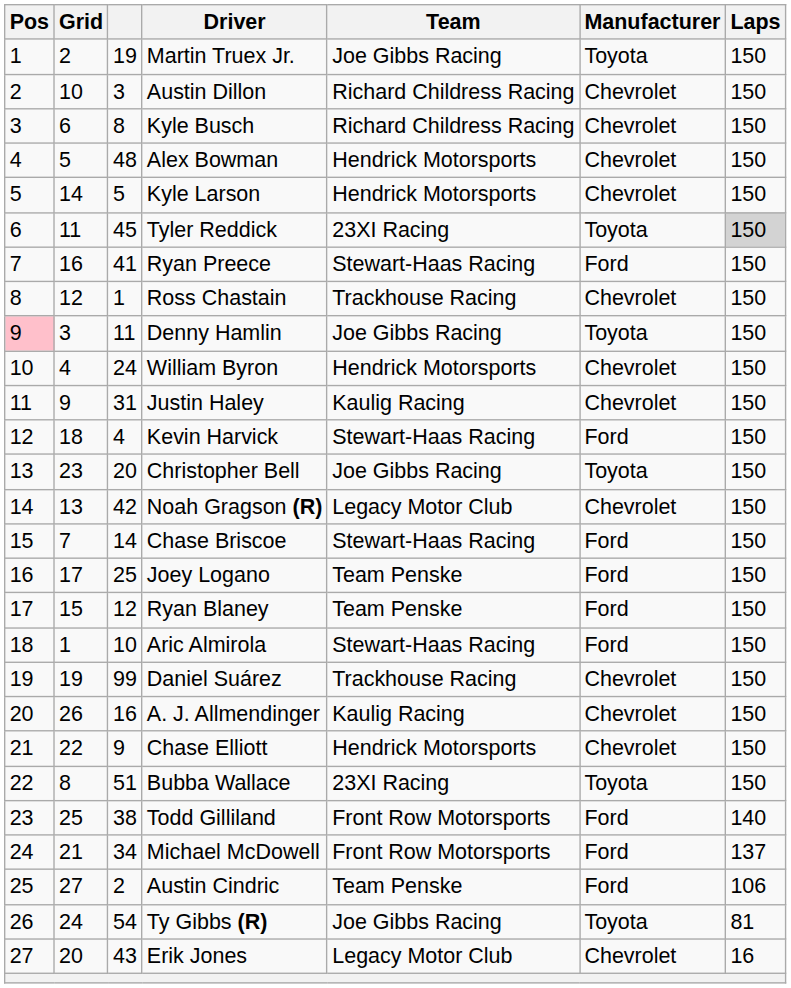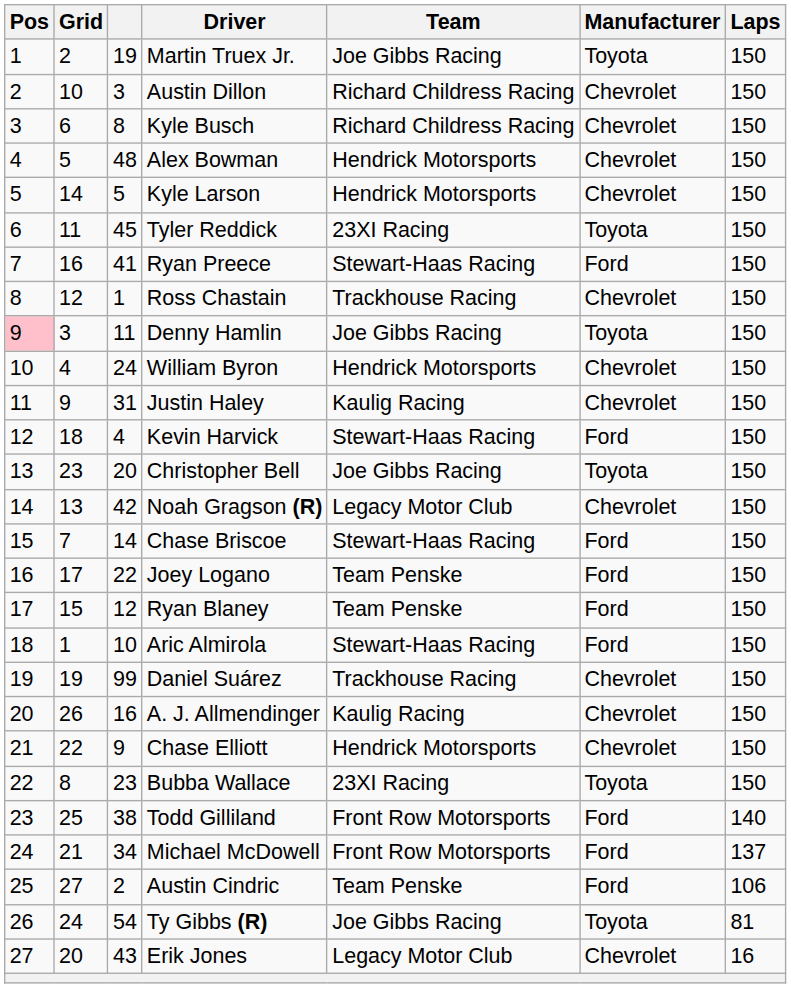 <table class="wikitable" style="font-size:98%">
 <tr>
 <th>Pos</th>
 <th>Grid</th>
 <th></th>
 <th>Driver</th>
 <th>Team</th>
 <th>Manufacturer</th>
 <th>Laps</th>
 </tr>
 <tr>
 <td>1</td>
 <td>2</td>
 <td>19</td>
 <td>Martin Truex Jr.</td>
 <td>Joe Gibbs Racing</td>
 <td>Toyota</td>
 <td>150</td>
 </tr>
 <tr>
 <td>2</td>
 <td>10</td>
 <td>3</td>
 <td>Austin Dillon</td>
 <td>Richard Childress Racing</td>
 <td>Chevrolet</td>
 <td>150</td>
 </tr>
 <tr>
 <td>3</td>
 <td>6</td>
 <td>8</td>
 <td>Kyle Busch</td>
 <td>Richard Childress Racing</td>
 <td>Chevrolet</td>
 <td>150</td>
 </tr>
 <tr>
 <td>4</td>
 <td>5</td>
 <td>48</td>
 <td>Alex Bowman</td>
 <td>Hendrick Motorsports</td>
 <td>Chevrolet</td>
 <td>150</td>
 </tr>
 <tr>
 <td>5</td>
 <td>14</td>
 <td>5</td>
 <td>Kyle Larson</td>
 <td>Hendrick Motorsports</td>
 <td>Chevrolet</td>
 <td>150</td>
 </tr>
 <tr>
 <td>6</td>
 <td>11</td>
 <td>45</td>
 <td>Tyler Reddick</td>
 <td>23XI Racing</td>
 <td>Toyota</td>
-<td style="background: lightgrey;">150</td>
+<td>150</td>
 </tr>
 <tr>
 <td>7</td>
 <td>16</td>
 <td>41</td>
 <td>Ryan Preece</td>
 <td>Stewart-Haas Racing</td>
 <td>Ford</td>
 <td>150</td>
 </tr>
 <tr>
 <td>8</td>
 <td>12</td>
 <td>1</td>
 <td>Ross Chastain</td>
 <td>Trackhouse Racing</td>
 <td>Chevrolet</td>
 <td>150</td>
 </tr>
 <tr>
 <td style="background: pink;">9</td>
 <td>3</td>
 <td>11</td>
 <td>Denny Hamlin</td>
 <td>Joe Gibbs Racing</td>
 <td>Toyota</td>
 <td>150</td>
 </tr>
 <tr>
 <td>10</td>
 <td>4</td>
 <td>24</td>
 <td>William Byron</td>
 <td>Hendrick Motorsports</td>
 <td>Chevrolet</td>
 <td>150</td>
 </tr>
 <tr>
 <td>11</td>
 <td>9</td>
 <td>31</td>
 <td>Justin Haley</td>
 <td>Kaulig Racing</td>
 <td>Chevrolet</td>
 <td>150</td>
 </tr>
 <tr>
 <td>12</td>
 <td>18</td>
 <td>4</td>
 <td>Kevin Harvick</td>
 <td>Stewart-Haas Racing</td>
 <td>Ford</td>
 <td>150</td>
 </tr>
 <tr>
 <td>13</td>
 <td>23</td>
 <td>20</td>
 <td>Christopher Bell</td>
 <td>Joe Gibbs Racing</td>
 <td>Toyota</td>
 <td>150</td>
 </tr>
 <tr>
 <td>14</td>
 <td>13</td>
 <td>42</td>
 <td>Noah Gragson <strong>(R)</strong></td>
 <td>Legacy Motor Club</td>
 <td>Chevrolet</td>
 <td>150</td>
 </tr>
 <tr>
 <td>15</td>
 <td>7</td>
 <td>14</td>
 <td>Chase Briscoe</td>
 <td>Stewart-Haas Racing</td>
 <td>Ford</td>
 <td>150</td>
 </tr>
 <tr>
 <td>16</td>
 <td>17</td>
-<td>25</td>
+<td>22</td>
 <td>Joey Logano</td>
 <td>Team Penske</td>
 <td>Ford</td>
 <td>150</td>
 </tr>
 <tr>
 <td>17</td>
 <td>15</td>
 <td>12</td>
 <td>Ryan Blaney</td>
 <td>Team Penske</td>
 <td>Ford</td>
 <td>150</td>
 </tr>
 <tr>
 <td>18</td>
 <td>1</td>
 <td>10</td>
 <td>Aric Almirola</td>
 <td>Stewart-Haas Racing</td>
 <td>Ford</td>
 <td>150</td>
 </tr>
 <tr>
 <td>19</td>
 <td>19</td>
 <td>99</td>
 <td>Daniel Suárez</td>
 <td>Trackhouse Racing</td>
 <td>Chevrolet</td>
 <td>150</td>
 </tr>
 <tr>
 <td>20</td>
 <td>26</td>
 <td>16</td>
 <td>A. J. Allmendinger</td>
 <td>Kaulig Racing</td>
 <td>Chevrolet</td>
 <td>150</td>
 </tr>
 <tr>
 <td>21</td>
 <td>22</td>
 <td>9</td>
 <td>Chase Elliott</td>
 <td>Hendrick Motorsports</td>
 <td>Chevrolet</td>
 <td>150</td>
 </tr>
 <tr>
 <td>22</td>
 <td>8</td>
-<td>51</td>
+<td>23</td>
 <td>Bubba Wallace</td>
 <td>23XI Racing</td>
 <td>Toyota</td>
 <td>150</td>
 </tr>
 <tr>
 <td>23</td>
 <td>25</td>
 <td>38</td>
 <td>Todd Gilliland</td>
 <td>Front Row Motorsports</td>
 <td>Ford</td>
 <td>140</td>
 </tr>
 <tr>
 <td>24</td>
 <td>21</td>
 <td>34</td>
 <td>Michael McDowell</td>
 <td>Front Row Motorsports</td>
 <td>Ford</td>
 <td>137</td>
 </tr>
 <tr>
 <td>25</td>
 <td>27</td>
 <td>2</td>
 <td>Austin Cindric</td>
 <td>Team Penske</td>
 <td>Ford</td>
 <td>106</td>
 </tr>
 <tr>
 <td>26</td>
 <td>24</td>
 <td>54</td>
 <td>Ty Gibbs <strong>(R)</strong></td>
 <td>Joe Gibbs Racing</td>
 <td>Toyota</td>
 <td>81</td>
 </tr>
 <tr>
 <td>27</td>
 <td>20</td>
 <td>43</td>
 <td>Erik Jones</td>
 <td>Legacy Motor Club</td>
 <td>Chevrolet</td>
 <td>16</td>
 </tr>
 <tr>
 <th colspan="7"></th>
 </tr>
 </table>
